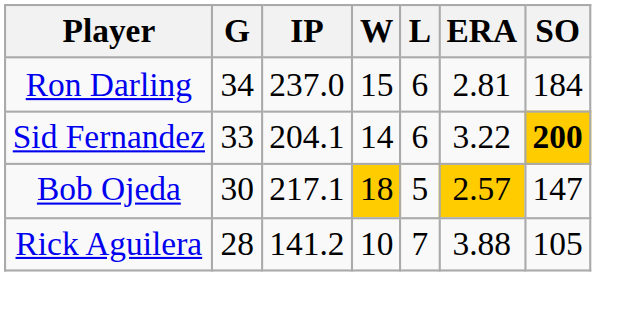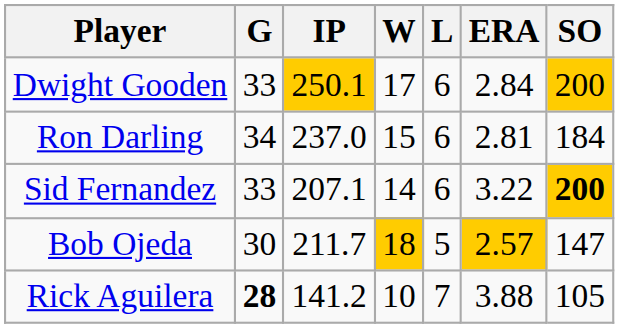 <table class="wikitable sortable">
 <tr>
 <th>Player</th>
 <th>G</th>
 <th>IP</th>
 <th>W</th>
 <th>L</th>
 <th>ERA</th>
 <th>SO</th>
+</tr>
+<tr style="text-align:center;">
+<td><a href='#'>Dwight Gooden</a></td>
+<td>33</td>
+<td style="background:#fc0;">250.1</td>
+<td>17</td>
+<td>6</td>
+<td>2.84</td>
+<td style="background:#fc0;">200</td>
 </tr>
 <tr style="text-align:center;">
 <td><a href='#'>Ron Darling</a></td>
 <td>34</td>
 <td>237.0</td>
 <td>15</td>
 <td>6</td>
 <td>2.81</td>
 <td>184</td>
 </tr>
 <tr align=center>
 <td><a href='#'>Sid Fernandez</a></td>
 <td>33</td>
-<td>204.1</td>
+<td>207.1</td>
 <td>14</td>
 <td>6</td>
 <td>3.22</td>
 <td style="background:#fc0;"><strong>200</strong></td>
 </tr>
 <tr style="text-align:center;">
 <td><a href='#'>Bob Ojeda</a></td>
 <td>30</td>
-<td>217.1</td>
+<td>211.7</td>
 <td style="background:#fc0;">18</td>
 <td>5</td>
 <td style="background:#fc0;">2.57</td>
 <td>147</td>
 </tr>
 <tr style="text-align:center;">
 <td><a href='#'>Rick Aguilera</a></td>
-<td>28</td>
+<td><strong>28</strong></td>
 <td>141.2</td>
 <td>10</td>
 <td>7</td>
 <td>3.88</td>
 <td>105</td>
 </tr>
 </table>
